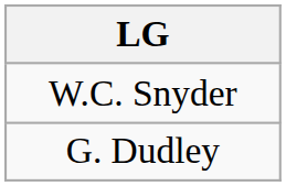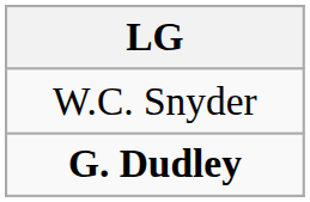 <table class="wikitable" width="120px">
 <tr>
 <th>LG</th>
 </tr>
 <tr>
 <td align="center">W.C. Snyder</td>
 </tr>
 <tr>
-<td align="center">G. Dudley</td>
+<td align="center"><strong>G. Dudley</strong></td>
 </tr>
 </table>
